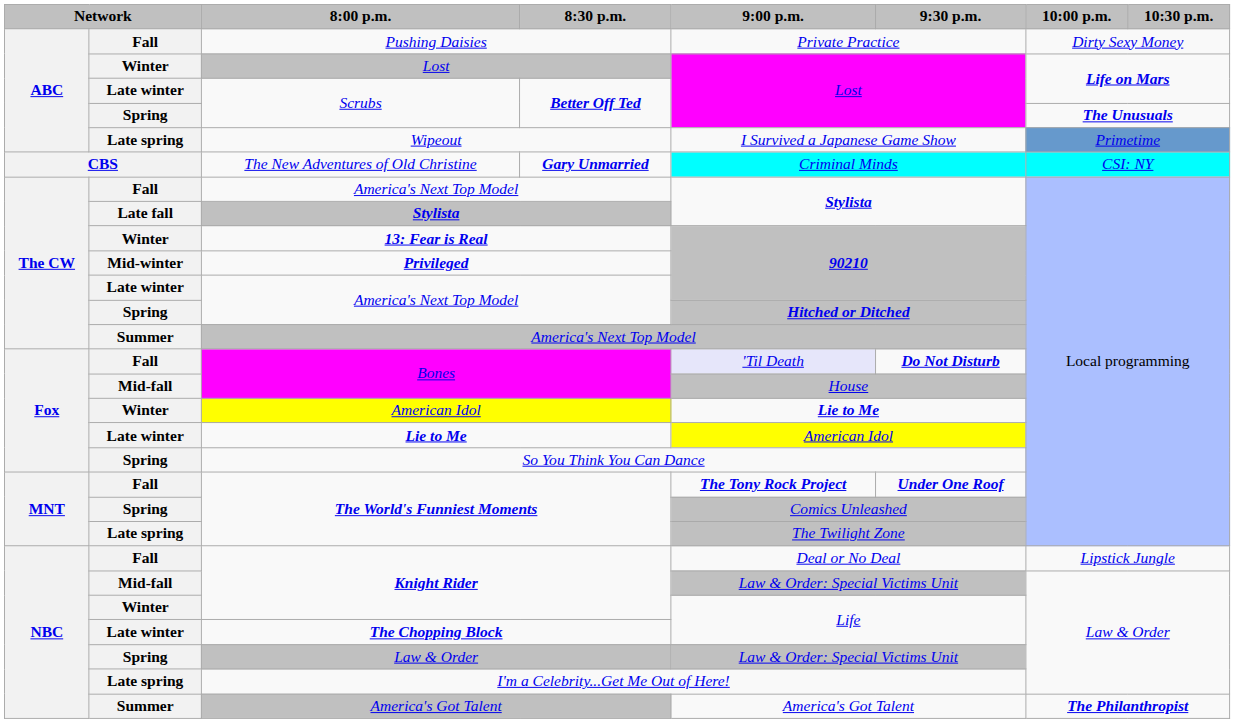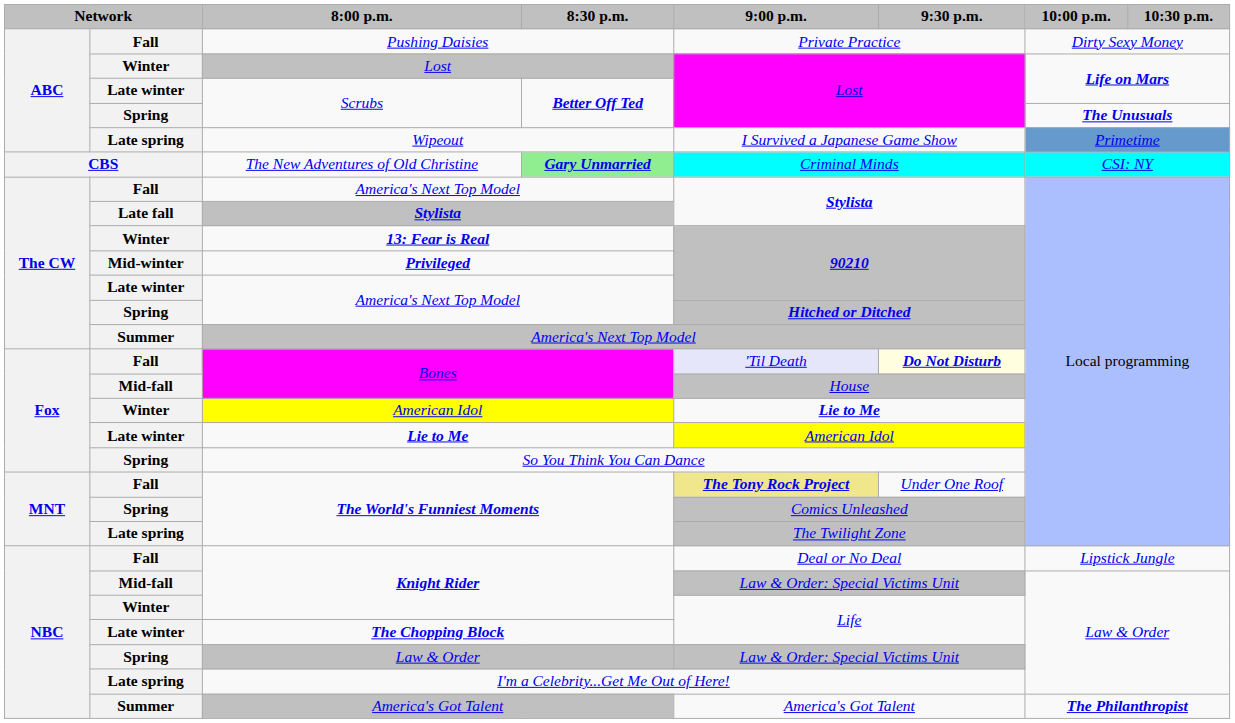 <table class="wikitable" style="width:100%;margin-right:0;text-align:center">
 <tr>
 <th colspan="2" style="background-color:#C0C0C0;text-align:center">Network</th>
 <th style="background-color:#C0C0C0;text-align:center">8:00 p.m.</th>
 <th style="background-color:#C0C0C0;text-align:center">8:30 p.m.</th>
 <th style="background-color:#C0C0C0;text-align:center">9:00 p.m.</th>
 <th style="background-color:#C0C0C0;text-align:center">9:30 p.m.</th>
 <th style="background-color:#C0C0C0;text-align:center">10:00 p.m.</th>
 <th style="background-color:#C0C0C0;text-align:center">10:30 p.m.</th>
 </tr>
 <tr>
 <th rowspan="5"><a href='#'>ABC</a></th>
 <th>Fall</th>
 <td colspan="2"><em><a href='#'>Pushing Daisies</a></em></td>
 <td colspan="2"><em><a href='#'>Private Practice</a></em></td>
 <td colspan="2"><em><a href='#'>Dirty Sexy Money</a></em></td>
 </tr>
 <tr>
 <th>Winter</th>
 <td colspan="2" style="background:#C0C0C0;"><em><a href='#'>Lost</a></em> </td>
 <td style="background:magenta;" rowspan="3" colspan="2"><em><a href='#'>Lost</a></em> </td>
 <td colspan="2" rowspan="2"><strong><em><a href='#'>Life on Mars</a></em></strong></td>
 </tr>
 <tr>
 <th>Late winter</th>
 <td rowspan="2"><em><a href='#'>Scrubs</a></em></td>
 <td rowspan="2"><strong><em><a href='#'>Better Off Ted</a></em></strong></td>
 </tr>
 <tr>
 <th>Spring</th>
 <td colspan="2"><strong><em><a href='#'>The Unusuals</a></em></strong></td>
 </tr>
 <tr>
 <th>Late spring</th>
 <td colspan="2"><em><a href='#'>Wipeout</a></em></td>
 <td colspan="2"><em><a href='#'>I Survived a Japanese Game Show</a></em></td>
 <td style="background:#6699CC;" colspan="2"><em><a href='#'>Primetime</a></em></td>
 </tr>
 <tr>
 <th colspan="2"><a href='#'>CBS</a></th>
 <td><em><a href='#'>The New Adventures of Old Christine</a></em></td>
-<td><strong><em><a href='#'>Gary Unmarried</a></em></strong></td>
+<td style="background: lightgreen;"><strong><em><a href='#'>Gary Unmarried</a></em></strong></td>
 <td style="background:cyan;" colspan="2"><em><a href='#'>Criminal Minds</a></em> </td>
 <td style="background:cyan;" colspan="2"><em><a href='#'>CSI: NY</a></em> </td>
 </tr>
 <tr>
 <th rowspan="7"><a href='#'>The CW</a></th>
 <th>Fall</th>
 <td colspan="2"><em><a href='#'>America's Next Top Model</a></em></td>
 <td colspan="2" rowspan="2"><strong><em><a href='#'>Stylista</a></em></strong></td>
 <td style="background:#abbfff;" colspan="2" rowspan="15">Local programming</td>
 </tr>
 <tr>
 <th>Late fall</th>
 <td colspan="2" style="background:#C0C0C0;"><strong><em><a href='#'>Stylista</a></em></strong> </td>
 </tr>
 <tr>
 <th>Winter</th>
 <td colspan="2"><strong><em><a href='#'>13: Fear is Real</a></em></strong></td>
 <td colspan="2" rowspan="3" style="background:#C0C0C0;"><strong><em><a href='#'>90210</a></em></strong> </td>
 </tr>
 <tr>
 <th>Mid-winter</th>
 <td colspan="2"><strong><em><a href='#'>Privileged</a></em></strong></td>
 </tr>
 <tr>
 <th>Late winter</th>
 <td rowspan="2" colspan="2"><em><a href='#'>America's Next Top Model</a></em></td>
 </tr>
 <tr>
 <th>Spring</th>
 <td colspan="2" style="background:#C0C0C0;"><strong><em><a href='#'>Hitched or Ditched</a></em></strong> </td>
 </tr>
 <tr>
 <th>Summer</th>
 <td colspan="4" style="background:#C0C0C0;"><em><a href='#'>America's Next Top Model</a></em> </td>
 </tr>
 <tr>
 <th rowspan="5"><a href='#'>Fox</a></th>
 <th>Fall</th>
 <td style="background:#FF00FF;" colspan="2" rowspan="2"><em><a href='#'>Bones</a></em> </td>
 <td style="background: lavender;"><em><a href='#'>'Til Death</a></em></td>
-<td><strong><em><a href='#'>Do Not Disturb</a></em></strong></td>
+<td style="background: lightyellow;"><strong><em><a href='#'>Do Not Disturb</a></em></strong></td>
 </tr>
 <tr>
 <th>Mid-fall</th>
 <td colspan="2" style="background:#C0C0C0;"><em><a href='#'>House</a></em> </td>
 </tr>
 <tr>
 <th>Winter</th>
 <td style="background:yellow;" colspan="2"><em><a href='#'>American Idol</a></em> </td>
 <td colspan="2"><strong><em><a href='#'>Lie to Me</a></em></strong></td>
 </tr>
 <tr>
 <th>Late winter</th>
 <td colspan="2"><strong><em><a href='#'>Lie to Me</a></em></strong></td>
 <td style="background:yellow;" colspan="2"><em><a href='#'>American Idol</a></em> </td>
 </tr>
 <tr>
 <th>Spring</th>
 <td colspan="4"><em><a href='#'>So You Think You Can Dance</a></em></td>
 </tr>
 <tr>
 <th rowspan="3"><a href='#'>MNT</a></th>
 <th>Fall</th>
 <td colspan="2" rowspan="3"><strong><em><a href='#'>The World's Funniest Moments</a></em></strong></td>
-<td><strong><em><a href='#'>The Tony Rock Project</a></em></strong></td>
-<td><strong><em><a href='#'>Under One Roof</a></em></strong></td>
+<td style="background: khaki;"><strong><em><a href='#'>The Tony Rock Project</a></em></strong></td>
+<td><em><a href='#'>Under One Roof</a></em></td>
 </tr>
 <tr>
 <th>Spring</th>
 <td colspan="2" style="background:#C0C0C0;"><em><a href='#'>Comics Unleashed</a></em> </td>
 </tr>
 <tr>
 <th>Late spring</th>
 <td colspan="2" style="background:#C0C0C0;"><em><a href='#'>The Twilight Zone</a></em> </td>
 </tr>
 <tr>
 <th rowspan="7"><a href='#'>NBC</a></th>
 <th>Fall</th>
 <td colspan="2" rowspan="3"><strong><em><a href='#'>Knight Rider</a></em></strong></td>
 <td colspan="2"><em><a href='#'>Deal or No Deal</a></em></td>
 <td colspan="2"><em><a href='#'>Lipstick Jungle</a></em></td>
 </tr>
 <tr>
 <th>Mid-fall</th>
 <td colspan="2" style="background:#C0C0C0;"><em><a href='#'>Law & Order: Special Victims Unit</a></em> </td>
 <td colspan="2" rowspan="5"><em><a href='#'>Law & Order</a></em></td>
 </tr>
 <tr>
 <th>Winter</th>
 <td colspan="2" rowspan="2"><em><a href='#'>Life</a></em></td>
 </tr>
 <tr>
 <th>Late winter</th>
 <td colspan="2"><strong><em><a href='#'>The Chopping Block</a></em></strong></td>
 </tr>
 <tr>
 <th>Spring</th>
 <td colspan="2" style="background:#C0C0C0;"><em><a href='#'>Law & Order</a></em> </td>
 <td colspan="2" style="background:#C0C0C0;"><em><a href='#'>Law & Order: Special Victims Unit</a></em> </td>
 </tr>
 <tr>
 <th>Late spring</th>
 <td colspan="4"><em><a href='#'>I'm a Celebrity...Get Me Out of Here!</a></em></td>
 </tr>
 <tr>
 <th>Summer</th>
 <td colspan="2" style="background:#C0C0C0;"><em><a href='#'>America's Got Talent</a></em> </td>
 <td colspan="2"><em><a href='#'>America's Got Talent</a></em></td>
 <td colspan="2"><strong><em><a href='#'>The Philanthropist</a></em></strong></td>
 </tr>
 </table>
